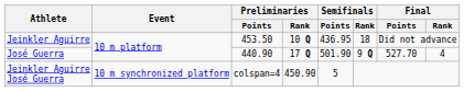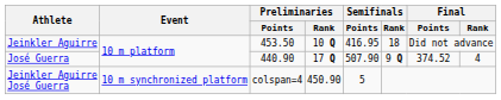 <table class="wikitable" style="font-size:90%;">
 <tr>
 <th rowspan=2>Athlete</th>
 <th rowspan=2>Event</th>
 <th colspan=2>Preliminaries</th>
 <th colspan=2>Semifinals</th>
 <th colspan=2>Final</th>
 </tr>
 <tr style="font-size:95%">
 <th>Points</th>
 <th>Rank</th>
 <th>Points</th>
 <th>Rank</th>
 <th>Points</th>
 <th>Rank</th>
 </tr>
 <tr align=center>
 <td align=left><a href='#'>Jeinkler Aguirre</a></td>
 <td align=left rowspan=2><a href='#'>10 m platform</a></td>
 <td>453.50</td>
 <td>10 <strong>Q</strong></td>
-<td>436.95</td>
+<td>416.95</td>
 <td>18</td>
 <td colspan=2>Did not advance</td>
 </tr>
 <tr align=center>
 <td align=left><a href='#'>José Guerra</a></td>
 <td>440.90</td>
 <td>17 <strong>Q</strong></td>
-<td>501.90</td>
+<td>507.90</td>
 <td>9 <strong>Q</strong></td>
-<td>527.70</td>
+<td>374.52</td>
 <td>4</td>
 </tr>
 <tr align=center>
 <td align=left><a href='#'>Jeinkler Aguirre</a><br><a href='#'>José Guerra</a></td>
 <td align=left><a href='#'>10 m synchronized platform</a></td>
 <td>colspan=4 </td>
 <td>450.90</td>
 <td>5</td>
 </tr>
 </table>
